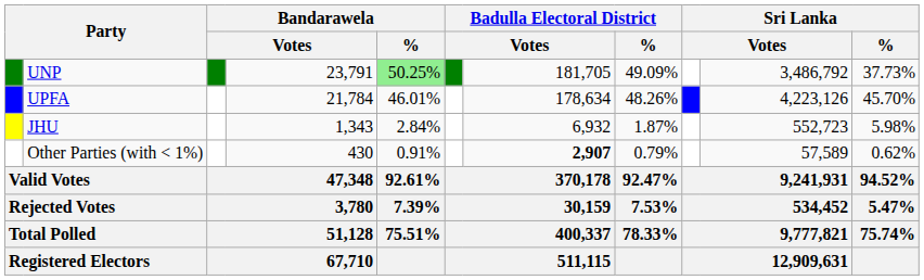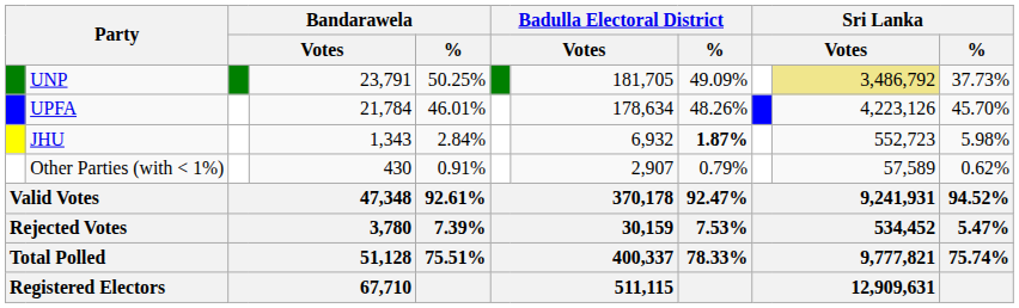 <table class="wikitable">
 <tr>
 <th colspan="2" width="144px"rowspan="2">Party</th>
 <th colspan="3" width="216px">Bandarawela</th>
 <th colspan="3" width="216px"><a href='#'>Badulla Electoral District</a></th>
 <th colspan="3" width="216px">Sri Lanka</th>
 </tr>
 <tr>
 <th colspan="2" width="144px">Votes</th>
 <th>%</th>
 <th colspan="2" width="144px">Votes</th>
 <th>%</th>
 <th colspan="2" width="144px">Votes</th>
 <th>%</th>
 </tr>
 <tr>
 <td style="background-color:green;" width="10px"></td>
 <td style="text-align:left;"><a href='#'>UNP</a></td>
 <td style="background-color:green;" width="10px"></td>
 <td style="text-align:right;">23,791</td>
-<td style="background: lightgreen; text-align:right;">50.25%</td>
+<td style="text-align:right;">50.25%</td>
 <td style="background-color:green;" width="10px"></td>
 <td style="text-align:right;">181,705</td>
 <td style="text-align:right;">49.09%</td>
 <td style="background-color:white;" width="10px"></td>
-<td style="text-align:right;">3,486,792</td>
+<td style="background: khaki; text-align:right;">3,486,792</td>
 <td style="text-align:right;">37.73%</td>
 </tr>
 <tr>
 <td style="background-color:blue;" width="10px"></td>
 <td style="text-align:left;"><a href='#'>UPFA</a></td>
 <td style="background-color:white;" width="10px"></td>
 <td style="text-align:right;">21,784</td>
 <td style="text-align:right;">46.01%</td>
 <td style="background-color:white;" width="10px"></td>
 <td style="text-align:right;">178,634</td>
 <td style="text-align:right;">48.26%</td>
 <td style="background-color:blue;" width="10px"></td>
 <td style="text-align:right;">4,223,126</td>
 <td style="text-align:right;">45.70%</td>
 </tr>
 <tr>
 <td style="background-color:yellow;" width="10px"></td>
 <td style="text-align:left;"><a href='#'>JHU</a></td>
 <td style="background-color:white;" width="10px"></td>
 <td style="text-align:right;">1,343</td>
 <td style="text-align:right;">2.84%</td>
 <td style="background-color:white;" width="10px"></td>
 <td style="text-align:right;">6,932</td>
-<td style="text-align:right;">1.87%</td>
+<td style="text-align:right;"><strong>1.87%</strong></td>
 <td style="background-color:white;" width="10px"></td>
 <td style="text-align:right;">552,723</td>
 <td style="text-align:right;">5.98%</td>
 </tr>
 <tr>
 <td style="background-color:white;" width="10px"></td>
 <td style="text-align:left;">Other Parties (with < 1%)</td>
 <td style="background-color:white;" width="10px"></td>
 <td style="text-align:right;">430</td>
 <td style="text-align:right;">0.91%</td>
 <td style="background-color:white;" width="10px"></td>
-<td style="text-align:right;"><strong>2,907</strong></td>
+<td style="text-align:right;">2,907</td>
 <td style="text-align:right;">0.79%</td>
 <td style="background-color:white;" width="10px"></td>
 <td style="text-align:right;">57,589</td>
 <td style="text-align:right;">0.62%</td>
 </tr>
 <tr>
 <th colspan="2" width="144px"style="text-align:left;">Valid Votes</th>
 <th style="text-align:right;"colspan="2" width="144px">47,348</th>
 <th style="text-align:right;">92.61%</th>
 <th style="text-align:right;"colspan="2" width="144px">370,178</th>
 <th style="text-align:right;">92.47%</th>
 <th style="text-align:right;"colspan="2" width="144px">9,241,931</th>
 <th style="text-align:right;">94.52%</th>
 </tr>
 <tr>
 <th colspan="2" width="144px"style="text-align:left;">Rejected Votes</th>
 <th style="text-align:right;"colspan="2" width="144px">3,780</th>
 <th style="text-align:right;">7.39%</th>
 <th style="text-align:right;"colspan="2" width="144px">30,159</th>
 <th style="text-align:right;">7.53%</th>
 <th style="text-align:right;"colspan="2" width="144px">534,452</th>
 <th style="text-align:right;">5.47%</th>
 </tr>
 <tr>
 <th colspan="2" width="144px"style="text-align:left;">Total Polled</th>
 <th style="text-align:right;"colspan="2" width="144px">51,128</th>
 <th style="text-align:right;">75.51%</th>
 <th style="text-align:right;"colspan="2" width="144px">400,337</th>
 <th style="text-align:right;">78.33%</th>
 <th style="text-align:right;"colspan="2" width="144px">9,777,821</th>
 <th style="text-align:right;">75.74%</th>
 </tr>
 <tr>
 <th colspan="2" width="144px"style="text-align:left;">Registered Electors</th>
 <th style="text-align:right;"colspan="2" width="144px">67,710</th>
 <th></th>
 <th style="text-align:right;"colspan="2" width="144px">511,115</th>
 <th></th>
 <th style="text-align:right;"colspan="2" width="144px">12,909,631</th>
 <th></th>
 </tr>
 </table>
